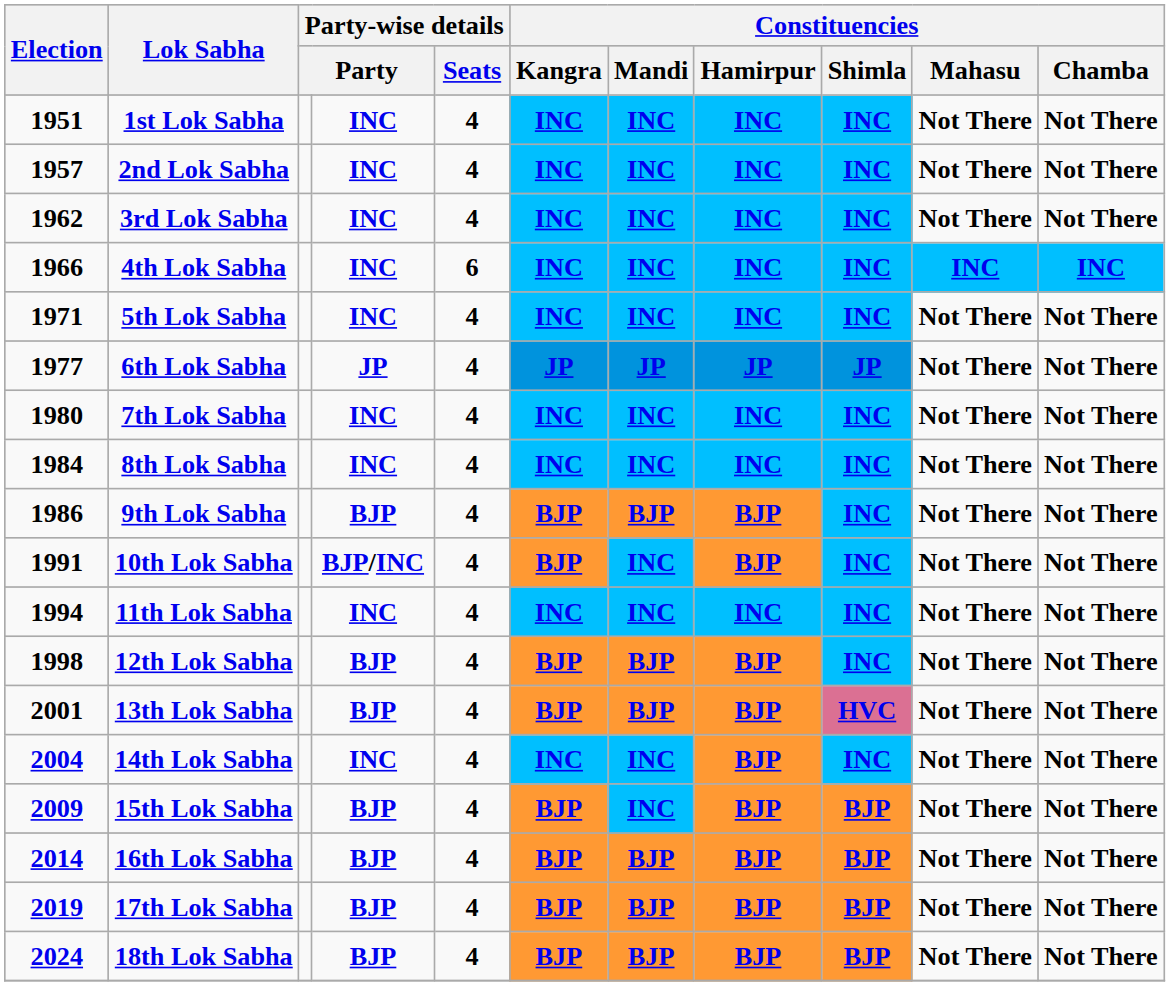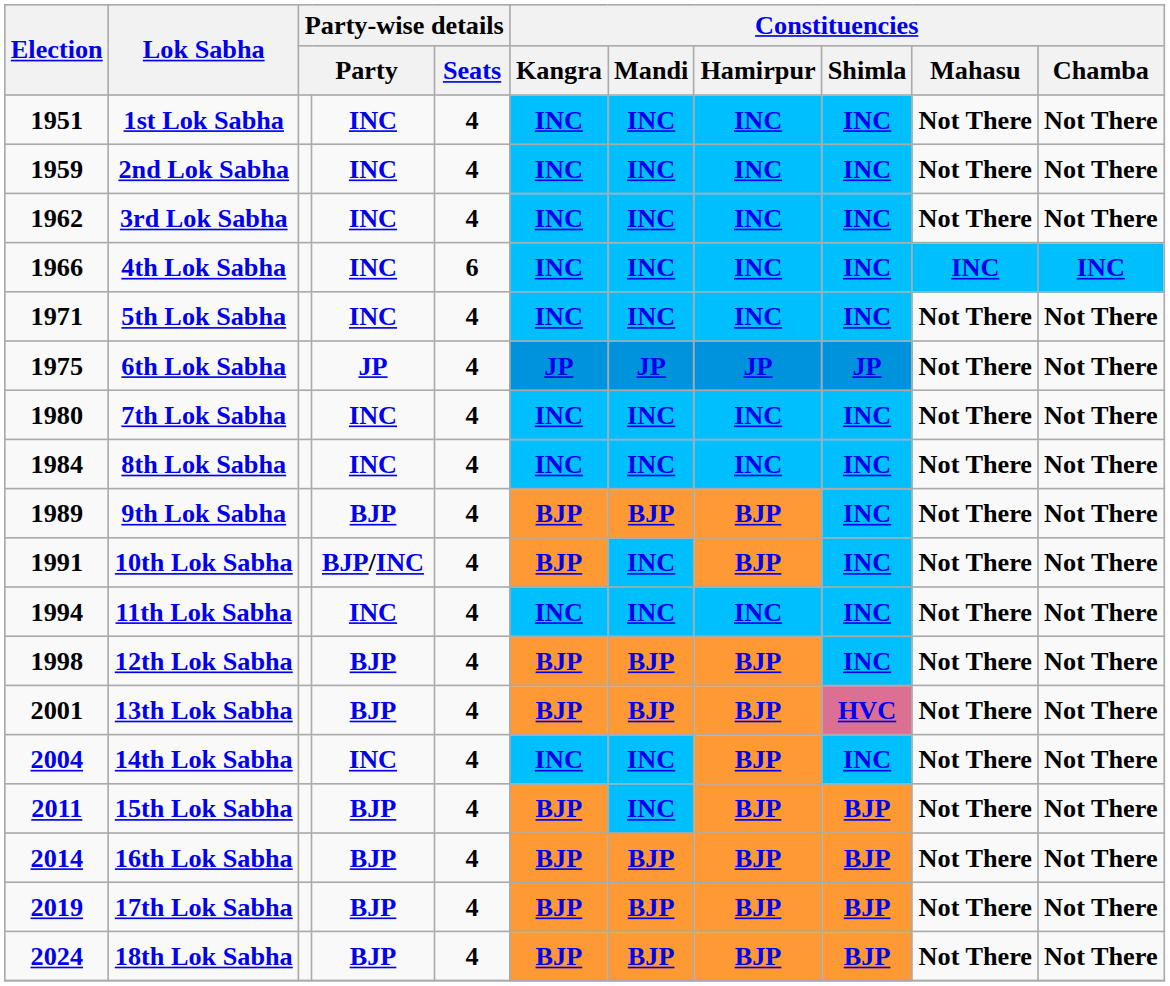 <table class="wikitable sortable">
 <tr>
 <th rowspan="2"><a href='#'>Election</a></th>
 <th rowspan="2"><a href='#'>Lok Sabha</a></th>
 <th colspan="3">Party-wise details</th>
 <th colspan="6"><a href='#'>Constituencies</a></th>
 </tr>
 <tr style="text-align:center; height:30px;">
 <th colspan="2">Party</th>
 <th><a href='#'>Seats</a></th>
 <th>Kangra</th>
 <th>Mandi</th>
 <th>Hamirpur</th>
 <th>Shimla</th>
 <th>Mahasu</th>
 <th>Chamba</th>
 </tr>
 <tr style="text-align:center; height:30px;">
 <td><strong>1951</strong></td>
 <td><strong><a href='#'>1st Lok Sabha</a></strong></td>
 <td style="background-color: "></td>
 <td><a href='#'><strong>INC</strong></a></td>
 <td><strong>4</strong></td>
 <td bgcolor="#00BFFF"><a href='#'><strong>INC</strong></a></td>
 <td bgcolor="#00BFFF"><a href='#'><strong>INC</strong></a></td>
 <td bgcolor="#00BFFF"><a href='#'><strong>INC</strong></a></td>
 <td bgcolor="#00BFFF"><a href='#'><strong>INC</strong></a></td>
 <td><strong>Not There</strong></td>
 <td><strong>Not There</strong></td>
 </tr>
 <tr style="text-align:center; height:30px;">
-<td><strong>1957</strong></td>
+<td><strong>1959</strong></td>
 <td><strong><a href='#'>2nd Lok Sabha</a></strong></td>
 <td style="background-color: "></td>
 <td><a href='#'><strong>INC</strong></a></td>
 <td><strong>4</strong></td>
 <td bgcolor="#00BFFF"><a href='#'><strong>INC</strong></a></td>
 <td bgcolor="#00BFFF"><a href='#'><strong>INC</strong></a></td>
 <td bgcolor="#00BFFF"><a href='#'><strong>INC</strong></a></td>
 <td bgcolor="#00BFFF"><a href='#'><strong>INC</strong></a></td>
 <td><strong>Not There</strong></td>
 <td><strong>Not There</strong></td>
 </tr>
 <tr style="text-align:center; height:30px;">
 <td><strong>1962</strong></td>
 <td><strong><a href='#'>3rd Lok Sabha</a></strong></td>
 <td style="background-color: "></td>
 <td><a href='#'><strong>INC</strong></a></td>
 <td><strong>4</strong></td>
 <td bgcolor="#00BFFF"><a href='#'><strong>INC</strong></a></td>
 <td bgcolor="#00BFFF"><a href='#'><strong>INC</strong></a></td>
 <td bgcolor="#00BFFF"><a href='#'><strong>INC</strong></a></td>
 <td bgcolor="#00BFFF"><a href='#'><strong>INC</strong></a></td>
 <td><strong>Not There</strong></td>
 <td><strong>Not There</strong></td>
 </tr>
 <tr style="text-align:center; height:30px;">
 <td><strong>1966</strong></td>
 <td><strong><a href='#'>4th Lok Sabha</a></strong></td>
 <td style="background-color: "></td>
 <td><a href='#'><strong>INC</strong></a></td>
 <td><strong>6</strong></td>
 <td bgcolor="#00BFFF"><a href='#'><strong>INC</strong></a></td>
 <td bgcolor="#00BFFF"><a href='#'><strong>INC</strong></a></td>
 <td bgcolor="#00BFFF"><a href='#'><strong>INC</strong></a></td>
 <td bgcolor="#00BFFF"><a href='#'><strong>INC</strong></a></td>
 <td bgcolor="#00BFFF"><a href='#'><strong>INC</strong></a></td>
 <td bgcolor="#00BFFF"><a href='#'><strong>INC</strong></a></td>
 </tr>
 <tr style="text-align:center; height:30px;">
 <td><strong>1971</strong></td>
 <td><strong><a href='#'>5th Lok Sabha</a></strong></td>
 <td style="background-color: "></td>
 <td><a href='#'><strong>INC</strong></a></td>
 <td><strong>4</strong></td>
 <td bgcolor=#00BFFF><a href='#'><strong>INC</strong></a></td>
 <td bgcolor=#00BFFF><a href='#'><strong>INC</strong></a></td>
 <td bgcolor=#00BFFF><a href='#'><strong>INC</strong></a></td>
 <td bgcolor=#00BFFF><a href='#'><strong>INC</strong></a></td>
 <td><strong>Not There</strong></td>
 <td><strong>Not There</strong></td>
 </tr>
 <tr style="text-align:center; height:30px;">
-<td><strong>1977</strong></td>
+<td><strong>1975</strong></td>
 <td><strong><a href='#'>6th Lok Sabha</a></strong></td>
 <td style="background-color: "></td>
 <td><a href='#'><strong>JP</strong></a></td>
 <td><strong>4</strong></td>
 <td bgcolor=#0093DD><a href='#'><strong>JP</strong></a></td>
 <td bgcolor=#0093DD><a href='#'><strong>JP</strong></a></td>
 <td bgcolor=#0093DD><a href='#'><strong>JP</strong></a></td>
 <td bgcolor=#0093DD><a href='#'><strong>JP</strong></a></td>
 <td><strong>Not There</strong></td>
 <td><strong>Not There</strong></td>
 </tr>
 <tr style="text-align:center; height:30px;">
 <td><strong>1980</strong></td>
 <td><strong><a href='#'>7th Lok Sabha</a></strong></td>
 <td style="background-color: "></td>
 <td><a href='#'><strong>INC</strong></a></td>
 <td><strong>4</strong></td>
 <td bgcolor=#00BFFF><a href='#'><strong>INC</strong></a></td>
 <td bgcolor=#00BFFF><a href='#'><strong>INC</strong></a></td>
 <td bgcolor=#00BFFF><a href='#'><strong>INC</strong></a></td>
 <td bgcolor=#00BFFF><a href='#'><strong>INC</strong></a></td>
 <td><strong>Not There</strong></td>
 <td><strong>Not There</strong></td>
 </tr>
 <tr style="text-align:center; height:30px;">
 <td><strong>1984</strong></td>
 <td><strong><a href='#'>8th Lok Sabha</a></strong></td>
 <td style="background-color: "></td>
 <td><a href='#'><strong>INC</strong></a></td>
 <td><strong>4</strong></td>
 <td bgcolor=#00BFFF><a href='#'><strong>INC</strong></a></td>
 <td bgcolor=#00BFFF><a href='#'><strong>INC</strong></a></td>
 <td bgcolor=#00BFFF><a href='#'><strong>INC</strong></a></td>
 <td bgcolor=#00BFFF><a href='#'><strong>INC</strong></a></td>
 <td><strong>Not There</strong></td>
 <td><strong>Not There</strong></td>
 </tr>
 <tr style="text-align:center; height:30px;">
-<td><strong>1986</strong></td>
+<td><strong>1989</strong></td>
 <td><strong><a href='#'>9th Lok Sabha</a></strong></td>
 <td style="background-color: "></td>
 <td><a href='#'><strong>BJP</strong></a></td>
 <td><strong>4</strong></td>
 <td bgcolor=#FF9933><a href='#'><strong>BJP</strong></a></td>
 <td bgcolor=#FF9933><a href='#'><strong>BJP</strong></a></td>
 <td bgcolor=#FF9933><a href='#'><strong>BJP</strong></a></td>
 <td bgcolor=#00BFFF><a href='#'><strong>INC</strong></a></td>
 <td><strong>Not There</strong></td>
 <td><strong>Not There</strong></td>
 </tr>
 <tr style="text-align:center; height:30px;">
 <td><strong>1991</strong></td>
 <td><strong><a href='#'>10th Lok Sabha</a></strong></td>
 <td style="background-color: "></td>
 <td><a href='#'><strong>BJP</strong></a><strong>/<a href='#'>INC</a></strong></td>
 <td><strong>4</strong></td>
 <td bgcolor=#FF9933><a href='#'><strong>BJP</strong></a></td>
 <td bgcolor=#00BFFF><a href='#'><strong>INC</strong></a></td>
 <td bgcolor=#FF9933><a href='#'><strong>BJP</strong></a></td>
 <td bgcolor=#00BFFF><a href='#'><strong>INC</strong></a></td>
 <td><strong>Not There</strong></td>
 <td><strong>Not There</strong></td>
 </tr>
 <tr style="text-align:center; height:30px;">
 <td><strong>1994</strong></td>
 <td><strong><a href='#'>11th Lok Sabha</a></strong></td>
 <td style="background-color: "></td>
 <td><a href='#'><strong>INC</strong></a></td>
 <td><strong>4</strong></td>
 <td bgcolor=#00BFFF><a href='#'><strong>INC</strong></a></td>
 <td bgcolor=#00BFFF><a href='#'><strong>INC</strong></a></td>
 <td bgcolor=#00BFFF><a href='#'><strong>INC</strong></a></td>
 <td bgcolor=#00BFFF><a href='#'><strong>INC</strong></a></td>
 <td><strong>Not There</strong></td>
 <td><strong>Not There</strong></td>
 </tr>
 <tr style="text-align:center; height:30px;">
 <td><strong>1998</strong></td>
 <td><strong><a href='#'>12th Lok Sabha</a></strong></td>
 <td style="background-color: "></td>
 <td><a href='#'><strong>BJP</strong></a></td>
 <td><strong>4</strong></td>
 <td bgcolor=#FF9933><a href='#'><strong>BJP</strong></a></td>
 <td bgcolor=#FF9933><a href='#'><strong>BJP</strong></a></td>
 <td bgcolor=#FF9933><a href='#'><strong>BJP</strong></a></td>
 <td bgcolor=#00BFFF><a href='#'><strong>INC</strong></a></td>
 <td><strong>Not There</strong></td>
 <td><strong>Not There</strong></td>
 </tr>
 <tr style="text-align:center; height:30px;">
 <td><strong>2001</strong></td>
 <td><strong><a href='#'>13th Lok Sabha</a></strong></td>
 <td style="background-color: "></td>
 <td><a href='#'><strong>BJP</strong></a></td>
 <td><strong>4</strong></td>
 <td bgcolor=#FF9933><a href='#'><strong>BJP</strong></a></td>
 <td bgcolor=#FF9933><a href='#'><strong>BJP</strong></a></td>
 <td bgcolor=#FF9933><a href='#'><strong>BJP</strong></a></td>
 <td bgcolor=#DB7093><a href='#'><strong>HVC</strong></a></td>
 <td><strong>Not There</strong></td>
 <td><strong>Not There</strong></td>
 </tr>
 <tr style="text-align:center; height:30px;">
 <td><a href='#'><strong>2004</strong></a></td>
 <td><strong><a href='#'>14th Lok Sabha</a></strong></td>
 <td style="background-color: "></td>
 <td><a href='#'><strong>INC</strong></a></td>
 <td><strong>4</strong></td>
 <td bgcolor=#00BFFF><a href='#'><strong>INC</strong></a></td>
 <td bgcolor=#00BFFF><a href='#'><strong>INC</strong></a></td>
 <td bgcolor=#FF9933><a href='#'><strong>BJP</strong></a></td>
 <td bgcolor=#00BFFF><a href='#'><strong>INC</strong></a></td>
 <td><strong>Not There</strong></td>
 <td><strong>Not There</strong></td>
 </tr>
 <tr style="text-align:center; height:30px;">
-<td><a href='#'><strong>2009</strong></a></td>
+<td><a href='#'><strong>2011</strong></a></td>
 <td><strong><a href='#'>15th Lok Sabha</a></strong></td>
 <td style="background-color: "></td>
 <td><a href='#'><strong>BJP</strong></a></td>
 <td><strong>4</strong></td>
 <td bgcolor=#FF9933><a href='#'><strong>BJP</strong></a></td>
 <td bgcolor=#00BFFF><a href='#'><strong>INC</strong></a></td>
 <td bgcolor=#FF9933><a href='#'><strong>BJP</strong></a></td>
 <td bgcolor=#FF9933><a href='#'><strong>BJP</strong></a></td>
 <td><strong>Not There</strong></td>
 <td><strong>Not There</strong></td>
 </tr>
 <tr style="text-align:center; height:30px;">
 <td><a href='#'><strong>2014</strong></a></td>
 <td><strong><a href='#'>16th Lok Sabha</a></strong></td>
 <td style="background-color: "></td>
 <td><a href='#'><strong>BJP</strong></a></td>
 <td><strong>4</strong></td>
 <td bgcolor=#FF9933><a href='#'><strong>BJP</strong></a></td>
 <td bgcolor=#FF9933><a href='#'><strong>BJP</strong></a></td>
 <td bgcolor=#FF9933><a href='#'><strong>BJP</strong></a></td>
 <td bgcolor=#FF9933><a href='#'><strong>BJP</strong></a></td>
 <td><strong>Not There</strong></td>
 <td><strong>Not There</strong></td>
 </tr>
 <tr style="text-align:center; height:30px;">
 <td><a href='#'><strong>2019</strong></a></td>
 <td><strong><a href='#'>17th Lok Sabha</a></strong></td>
 <td style="background-color: "></td>
 <td><a href='#'><strong>BJP</strong></a></td>
 <td><strong>4</strong></td>
 <td bgcolor=#FF9933><a href='#'><strong>BJP</strong></a></td>
 <td bgcolor=#FF9933><a href='#'><strong>BJP</strong></a></td>
 <td bgcolor=#FF9933><a href='#'><strong>BJP</strong></a></td>
 <td bgcolor=#FF9933><a href='#'><strong>BJP</strong></a></td>
 <td><strong>Not There</strong></td>
 <td><strong>Not There</strong></td>
 </tr>
 <tr style="text-align:center; height:30px;">
 <td><a href='#'><strong>2024</strong></a></td>
 <td><a href='#'><strong>18th Lok Sabha</strong></a></td>
 <td style="background-color: "></td>
 <td><a href='#'><strong>BJP</strong></a></td>
 <td><strong>4</strong></td>
 <td bgcolor=#FF9933><a href='#'><strong>BJP</strong></a></td>
 <td bgcolor=#FF9933><a href='#'><strong>BJP</strong></a></td>
 <td bgcolor=#FF9933><a href='#'><strong>BJP</strong></a></td>
 <td bgcolor=#FF9933><a href='#'><strong>BJP</strong></a></td>
 <td><strong>Not There</strong></td>
 <td><strong>Not There</strong></td>
 </tr>
 <tr>
 </tr>
 </table>
